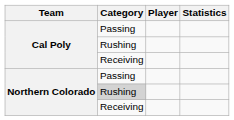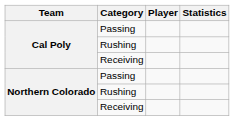 <table class="wikitable" style="float:right">
 <tr>
 <th>Team</th>
 <th>Category</th>
 <th>Player</th>
 <th>Statistics</th>
 </tr>
 <tr>
 <th rowspan=3>Cal Poly</th>
 <td>Passing</td>
 <td></td>
 <td></td>
 </tr>
 <tr>
 <td>Rushing</td>
 <td></td>
 <td></td>
 </tr>
 <tr>
 <td>Receiving</td>
 <td></td>
 <td></td>
 </tr>
 <tr>
 <th rowspan=3>Northern Colorado</th>
 <td>Passing</td>
 <td></td>
 <td></td>
 </tr>
 <tr>
-<td style="background: lightgrey;">Rushing</td>
+<td>Rushing</td>
 <td></td>
 <td></td>
 </tr>
 <tr>
 <td>Receiving</td>
 <td></td>
 <td></td>
 </tr>
 </table>
